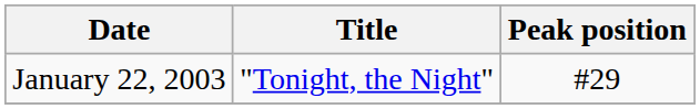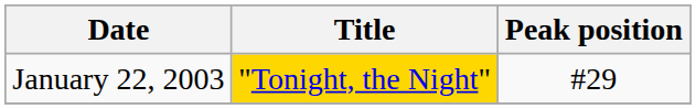 <table class="wikitable">
 <tr>
 <th>Date</th>
 <th>Title</th>
 <th>Peak position</th>
 </tr>
 <tr>
 <td>January 22, 2003</td>
-<td>"<a href='#'>Tonight, the Night</a>"</td>
+<td style="background: gold;">"<a href='#'>Tonight, the Night</a>"</td>
 <td align="center">#29</td>
 </tr>
 <tr>
 </tr>
 </table>
